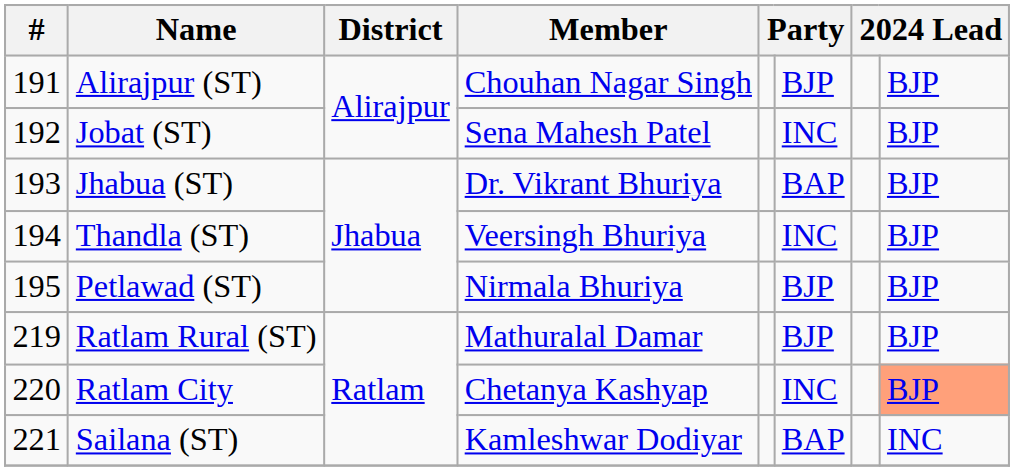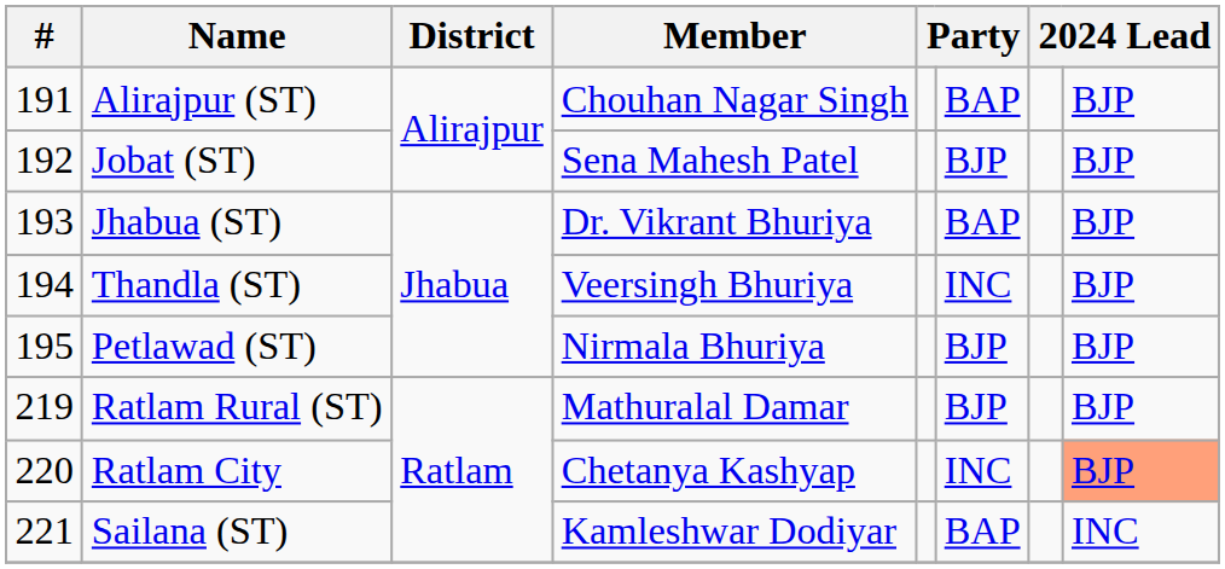 <table class="wikitable">
 <tr>
 <th>#</th>
 <th>Name</th>
 <th>District</th>
 <th>Member</th>
 <th colspan="2">Party</th>
 <th colspan="2">2024 Lead</th>
 </tr>
 <tr>
 <td>191</td>
 <td><a href='#'>Alirajpur</a> (ST)</td>
 <td rowspan="2"><a href='#'>Alirajpur</a></td>
 <td><a href='#'>Chouhan Nagar Singh</a></td>
 <td style="background-color: "></td>
-<td><a href='#'>BJP</a></td>
+<td><a href='#'>BAP</a></td>
 <td style="background-color: "></td>
 <td><a href='#'>BJP</a></td>
 </tr>
 <tr>
 <td>192</td>
 <td><a href='#'>Jobat</a> (ST)</td>
 <td><a href='#'>Sena Mahesh Patel</a></td>
 <td style="background-color: "></td>
-<td><a href='#'>INC</a></td>
+<td><a href='#'>BJP</a></td>
 <td style="background-color: "></td>
 <td><a href='#'>BJP</a></td>
 </tr>
 <tr>
 <td>193</td>
 <td><a href='#'>Jhabua</a> (ST)</td>
 <td rowspan="3"><a href='#'>Jhabua</a></td>
 <td><a href='#'>Dr. Vikrant Bhuriya</a></td>
 <td style="background-color: "></td>
 <td><a href='#'>BAP</a></td>
 <td style="background-color: "></td>
 <td><a href='#'>BJP</a></td>
 </tr>
 <tr>
 <td>194</td>
 <td><a href='#'>Thandla</a> (ST)</td>
 <td><a href='#'>Veersingh Bhuriya</a></td>
 <td style="background-color: "></td>
 <td><a href='#'>INC</a></td>
 <td style="background-color: "></td>
 <td><a href='#'>BJP</a></td>
 </tr>
 <tr>
 <td>195</td>
 <td><a href='#'>Petlawad</a> (ST)</td>
 <td><a href='#'>Nirmala Bhuriya</a></td>
 <td style="background-color: "></td>
 <td><a href='#'>BJP</a></td>
 <td style="background-color: "></td>
 <td><a href='#'>BJP</a></td>
 </tr>
 <tr>
 <td>219</td>
 <td><a href='#'>Ratlam Rural</a> (ST)</td>
 <td rowspan="3"><a href='#'>Ratlam</a></td>
 <td><a href='#'>Mathuralal Damar</a></td>
 <td style="background-color: "></td>
 <td><a href='#'>BJP</a></td>
 <td style="background-color: "></td>
 <td><a href='#'>BJP</a></td>
 </tr>
 <tr>
 <td>220</td>
 <td><a href='#'>Ratlam City</a></td>
 <td><a href='#'>Chetanya Kashyap</a></td>
 <td style="background-color: "></td>
 <td><a href='#'>INC</a></td>
 <td style="background-color: "></td>
 <td style="background: lightsalmon;"><a href='#'>BJP</a></td>
 </tr>
 <tr>
 <td>221</td>
 <td><a href='#'>Sailana</a> (ST)</td>
 <td><a href='#'>Kamleshwar Dodiyar</a></td>
 <td style="background-color: "></td>
 <td><a href='#'>BAP</a></td>
 <td style="background-color: "></td>
 <td><a href='#'>INC</a></td>
 </tr>
 <tr>
 </tr>
 </table>
